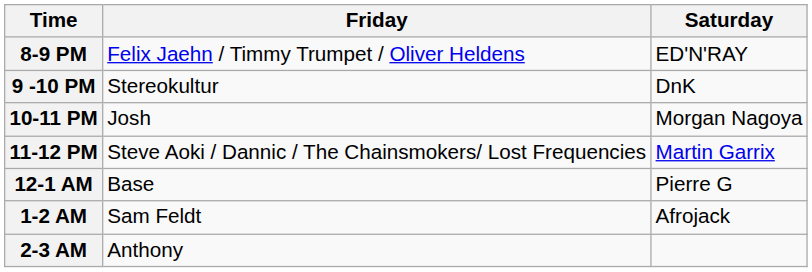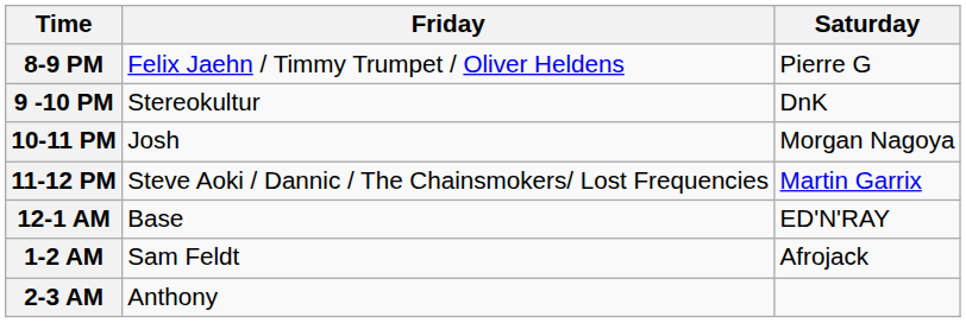 <table class="wikitable">
 <tr>
 <th>Time</th>
 <th>Friday</th>
 <th>Saturday</th>
 </tr>
 <tr>
 <th>8-9 PM</th>
 <td><a href='#'>Felix Jaehn</a> / Timmy Trumpet / <a href='#'>Oliver Heldens</a></td>
-<td>ED'N'RAY</td>
+<td>Pierre  G</td>
 </tr>
 <tr>
 <th>9 -10 PM</th>
 <td>Stereokultur</td>
 <td>DnK</td>
 </tr>
 <tr>
 <th>10-11 PM</th>
 <td>Josh</td>
 <td>Morgan Nagoya</td>
 </tr>
 <tr>
 <th>11-12 PM</th>
 <td>Steve Aoki / Dannic / The Chainsmokers/ Lost  Frequencies</td>
 <td><a href='#'>Martin Garrix</a></td>
 </tr>
 <tr>
 <th>12-1 AM</th>
 <td>Base</td>
-<td>Pierre  G</td>
+<td>ED'N'RAY</td>
 </tr>
 <tr>
 <th>1-2 AM</th>
 <td>Sam Feldt</td>
 <td>Afrojack</td>
 </tr>
 <tr>
 <th>2-3 AM</th>
 <td>Anthony</td>
 </tr>
 </table>
